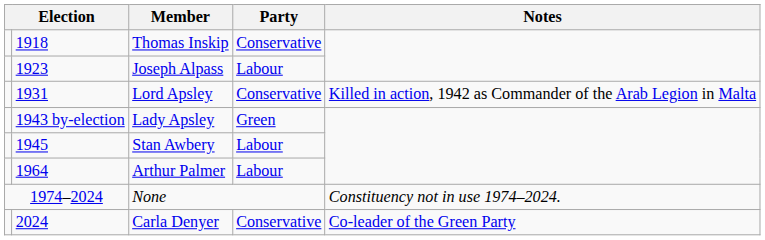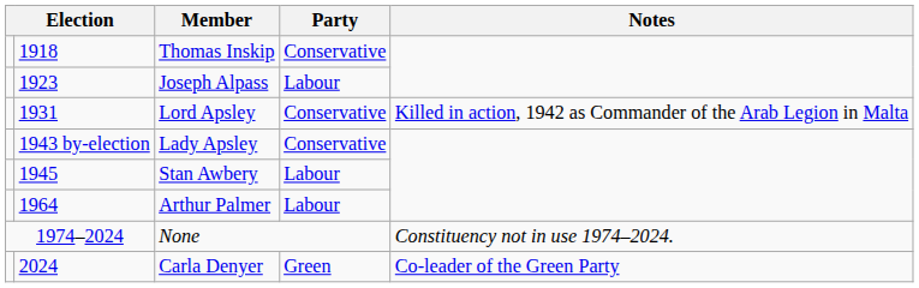 <table class="wikitable">
 <tr>
 <th colspan="2">Election</th>
 <th>Member</th>
 <th>Party</th>
 <th>Notes</th>
 </tr>
 <tr>
 <td style="color:inherit;background-color: "></td>
 <td><a href='#'>1918</a></td>
 <td><a href='#'>Thomas Inskip</a></td>
 <td><a href='#'>Conservative</a></td>
 <td rowspan="2"></td>
 </tr>
 <tr>
 <td style="color:inherit;background-color: "></td>
 <td><a href='#'>1923</a></td>
 <td><a href='#'>Joseph Alpass</a></td>
 <td><a href='#'>Labour</a></td>
 </tr>
 <tr>
 <td style="color:inherit;background-color: "></td>
 <td><a href='#'>1931</a></td>
 <td><a href='#'>Lord Apsley</a></td>
 <td><a href='#'>Conservative</a></td>
 <td><a href='#'>Killed in action</a>, 1942 as Commander of the <a href='#'>Arab Legion</a> in <a href='#'>Malta</a></td>
 </tr>
 <tr>
 <td style="color:inherit;background-color: "></td>
 <td><a href='#'>1943 by-election</a></td>
 <td><a href='#'>Lady Apsley</a></td>
-<td><a href='#'>Green</a></td>
+<td><a href='#'>Conservative</a></td>
 <td rowspan="3"></td>
 </tr>
 <tr>
 <td style="color:inherit;background-color: "></td>
 <td><a href='#'>1945</a></td>
 <td><a href='#'>Stan Awbery</a></td>
 <td><a href='#'>Labour</a></td>
 </tr>
 <tr>
 <td style="color:inherit;background-color: "></td>
 <td><a href='#'>1964</a></td>
 <td><a href='#'>Arthur Palmer</a></td>
 <td><a href='#'>Labour</a></td>
 </tr>
 <tr>
 <td colspan="2" align="center"><a href='#'>1974</a>–<a href='#'>2024</a></td>
 <td colspan="2"><em>None</em></td>
 <td><em>Constituency not in use 1974–2024.</em></td>
 </tr>
 <tr>
 <td style="color:inherit;background-color: "></td>
 <td><a href='#'>2024</a></td>
 <td><a href='#'>Carla Denyer</a></td>
-<td><a href='#'>Conservative</a></td>
+<td><a href='#'>Green</a></td>
 <td><a href='#'>Co-leader of the Green Party</a></td>
 </tr>
 </table>
